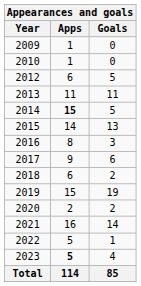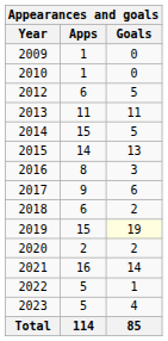 <table class="wikitable" style="text-align:center">
 <tr>
 <th colspan=3>Appearances and goals</th>
 </tr>
 <tr>
 <th>Year</th>
 <th>Apps</th>
 <th>Goals</th>
 </tr>
 <tr>
 <td>2009</td>
 <td>1</td>
 <td>0</td>
 </tr>
 <tr>
 <td>2010</td>
 <td>1</td>
 <td>0</td>
 </tr>
 <tr>
 <td>2012</td>
 <td>6</td>
 <td>5</td>
 </tr>
 <tr>
 <td>2013</td>
 <td>11</td>
 <td>11</td>
 </tr>
 <tr>
 <td>2014</td>
-<td><strong>15</strong></td>
+<td>15</td>
 <td>5</td>
 </tr>
 <tr>
 <td>2015</td>
 <td>14</td>
 <td>13</td>
 </tr>
 <tr>
 <td>2016</td>
 <td>8</td>
 <td>3</td>
 </tr>
 <tr>
 <td>2017</td>
 <td>9</td>
 <td>6</td>
 </tr>
 <tr>
 <td>2018</td>
 <td>6</td>
 <td>2</td>
 </tr>
 <tr>
 <td>2019</td>
 <td>15</td>
-<td>19</td>
+<td style="background: lightyellow;">19</td>
 </tr>
 <tr>
 <td>2020</td>
 <td>2</td>
 <td>2</td>
 </tr>
 <tr>
 <td>2021</td>
 <td>16</td>
 <td>14</td>
 </tr>
 <tr>
 <td>2022</td>
 <td>5</td>
 <td>1</td>
 </tr>
 <tr>
 <td>2023</td>
-<td><strong>5</strong></td>
+<td>5</td>
 <td>4</td>
 </tr>
 <tr>
 <th>Total</th>
 <th>114</th>
 <th>85</th>
 </tr>
 </table>
